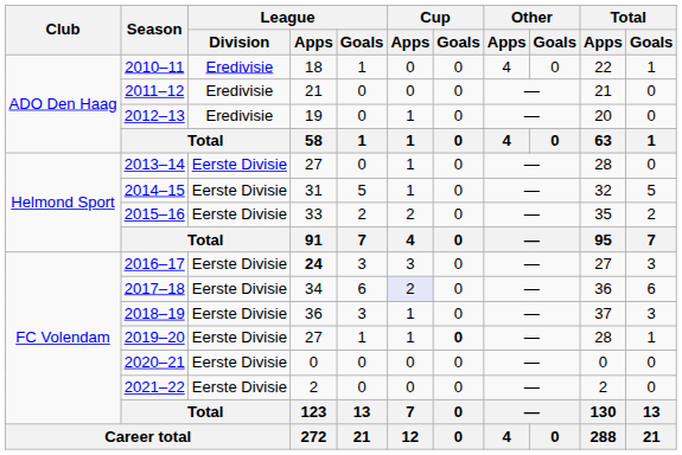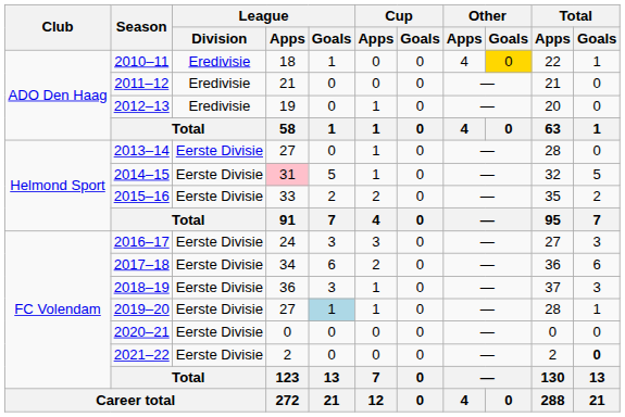 <table class="wikitable" style="text-align:center">
 <tr>
 <th rowspan="2">Club</th>
 <th rowspan="2">Season</th>
 <th colspan="3">League</th>
 <th colspan="2">Cup</th>
 <th colspan="2">Other</th>
 <th colspan="2">Total</th>
 </tr>
 <tr>
 <th>Division</th>
 <th>Apps</th>
 <th>Goals</th>
 <th>Apps</th>
 <th>Goals</th>
 <th>Apps</th>
 <th>Goals</th>
 <th>Apps</th>
 <th>Goals</th>
 </tr>
 <tr>
 <td rowspan="4"><a href='#'>ADO Den Haag</a></td>
 <td><a href='#'>2010–11</a></td>
 <td><a href='#'>Eredivisie</a></td>
 <td>18</td>
 <td>1</td>
 <td>0</td>
 <td>0</td>
 <td>4</td>
-<td>0</td>
+<td style="background: gold;">0</td>
 <td>22</td>
 <td>1</td>
 </tr>
 <tr>
 <td><a href='#'>2011–12</a></td>
 <td>Eredivisie</td>
 <td>21</td>
 <td>0</td>
 <td>0</td>
 <td>0</td>
 <td colspan="2">—</td>
 <td>21</td>
 <td>0</td>
 </tr>
 <tr>
 <td><a href='#'>2012–13</a></td>
 <td>Eredivisie</td>
 <td>19</td>
 <td>0</td>
 <td>1</td>
 <td>0</td>
 <td colspan="2">—</td>
 <td>20</td>
 <td>0</td>
 </tr>
 <tr>
 <th colspan="2">Total</th>
 <th>58</th>
 <th>1</th>
 <th>1</th>
 <th>0</th>
 <th>4</th>
 <th>0</th>
 <th>63</th>
 <th>1</th>
 </tr>
 <tr>
 <td rowspan="4"><a href='#'>Helmond Sport</a></td>
 <td><a href='#'>2013–14</a></td>
 <td><a href='#'>Eerste Divisie</a></td>
 <td>27</td>
 <td>0</td>
 <td>1</td>
 <td>0</td>
 <td colspan="2">—</td>
 <td>28</td>
 <td>0</td>
 </tr>
 <tr>
 <td><a href='#'>2014–15</a></td>
 <td>Eerste Divisie</td>
-<td>31</td>
+<td style="background: pink;">31</td>
 <td>5</td>
 <td>1</td>
 <td>0</td>
 <td colspan="2">—</td>
 <td>32</td>
 <td>5</td>
 </tr>
 <tr>
 <td><a href='#'>2015–16</a></td>
 <td>Eerste Divisie</td>
 <td>33</td>
 <td>2</td>
 <td>2</td>
 <td>0</td>
 <td colspan="2">—</td>
 <td>35</td>
 <td>2</td>
 </tr>
 <tr>
 <th colspan="2">Total</th>
 <th>91</th>
 <th>7</th>
 <th>4</th>
 <th>0</th>
 <th colspan="2">—</th>
 <th>95</th>
 <th>7</th>
 </tr>
 <tr>
 <td rowspan="7"><a href='#'>FC Volendam</a></td>
 <td><a href='#'>2016–17</a></td>
 <td>Eerste Divisie</td>
-<td><strong>24</strong></td>
+<td>24</td>
 <td>3</td>
 <td>3</td>
 <td>0</td>
 <td colspan="2">—</td>
 <td>27</td>
 <td>3</td>
 </tr>
 <tr>
 <td><a href='#'>2017–18</a></td>
 <td>Eerste Divisie</td>
 <td>34</td>
 <td>6</td>
-<td style="background: lavender;">2</td>
+<td>2</td>
 <td>0</td>
 <td colspan="2">—</td>
 <td>36</td>
 <td>6</td>
 </tr>
 <tr>
 <td><a href='#'>2018–19</a></td>
 <td>Eerste Divisie</td>
 <td>36</td>
 <td>3</td>
 <td>1</td>
 <td>0</td>
 <td colspan="2">—</td>
 <td>37</td>
 <td>3</td>
 </tr>
 <tr>
 <td><a href='#'>2019–20</a></td>
 <td>Eerste Divisie</td>
 <td>27</td>
+<td style="background: lightblue;">1</td>
 <td>1</td>
-<td>1</td>
-<td><strong>0</strong></td>
+<td>0</td>
 <td colspan="2">—</td>
 <td>28</td>
 <td>1</td>
 </tr>
 <tr>
 <td><a href='#'>2020–21</a></td>
 <td>Eerste Divisie</td>
 <td>0</td>
 <td>0</td>
 <td>0</td>
 <td>0</td>
 <td colspan="2">—</td>
 <td>0</td>
 <td>0</td>
 </tr>
 <tr>
 <td><a href='#'>2021–22</a></td>
 <td>Eerste Divisie</td>
 <td>2</td>
 <td>0</td>
 <td>0</td>
 <td>0</td>
 <td colspan="2">—</td>
 <td>2</td>
-<td>0</td>
+<td><strong>0</strong></td>
 </tr>
 <tr>
 <th colspan="2">Total</th>
 <th>123</th>
 <th>13</th>
 <th>7</th>
 <th>0</th>
 <th colspan="2">—</th>
 <th>130</th>
 <th>13</th>
 </tr>
 <tr>
 <th colspan="3">Career total</th>
 <th>272</th>
 <th>21</th>
 <th>12</th>
 <th>0</th>
 <th>4</th>
 <th>0</th>
 <th>288</th>
 <th>21</th>
 </tr>
 </table>
